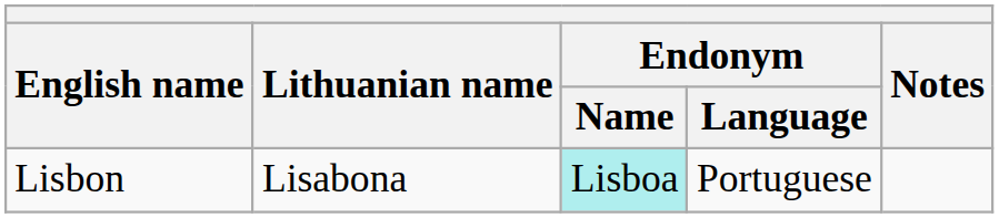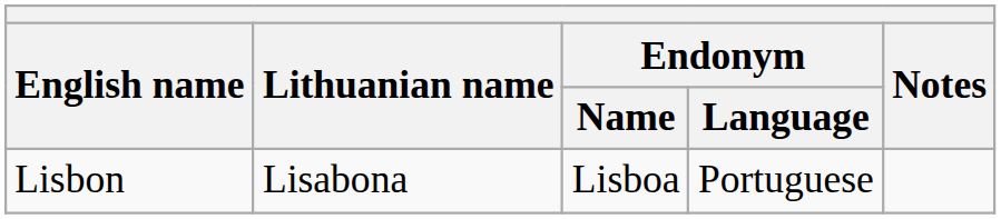 <table class="wikitable sortable">
 <tr>
 <th colspan="5"></th>
 </tr>
 <tr>
 <th rowspan="2">English name</th>
 <th rowspan="2">Lithuanian name</th>
 <th colspan="2">Endonym</th>
 <th rowspan="2">Notes</th>
 </tr>
 <tr>
 <th>Name</th>
 <th>Language</th>
 </tr>
 <tr>
 <td>Lisbon</td>
 <td>Lisabona</td>
-<td style="background: paleturquoise;">Lisboa</td>
+<td>Lisboa</td>
 <td>Portuguese</td>
 <td></td>
 </tr>
 </table>
